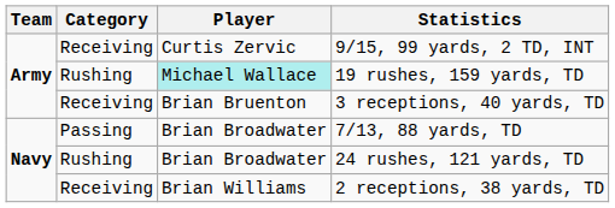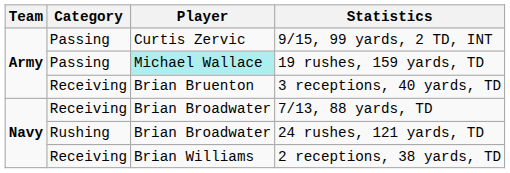 <table class="wikitable" style="float: right;">
 <tr>
 <th>Team</th>
 <th>Category</th>
 <th>Player</th>
 <th>Statistics</th>
 </tr>
 <tr>
 <td rowspan=3><strong>Army</strong></td>
-<td>Receiving</td>
+<td>Passing</td>
 <td>Curtis Zervic</td>
 <td>9/15, 99 yards, 2 TD, INT</td>
 </tr>
 <tr>
-<td>Rushing</td>
+<td>Passing</td>
 <td style="background: paleturquoise;">Michael Wallace</td>
 <td>19 rushes, 159 yards, TD</td>
 </tr>
 <tr>
 <td>Receiving</td>
 <td>Brian Bruenton</td>
 <td>3 receptions, 40 yards, TD</td>
 </tr>
 <tr>
 <td rowspan=3><strong>Navy</strong></td>
-<td>Passing</td>
+<td>Receiving</td>
 <td>Brian Broadwater</td>
 <td>7/13, 88 yards, TD</td>
 </tr>
 <tr>
 <td>Rushing</td>
 <td>Brian Broadwater</td>
 <td>24 rushes, 121 yards, TD</td>
 </tr>
 <tr>
 <td>Receiving</td>
 <td>Brian Williams</td>
 <td>2 receptions, 38 yards, TD</td>
 </tr>
 </table>
